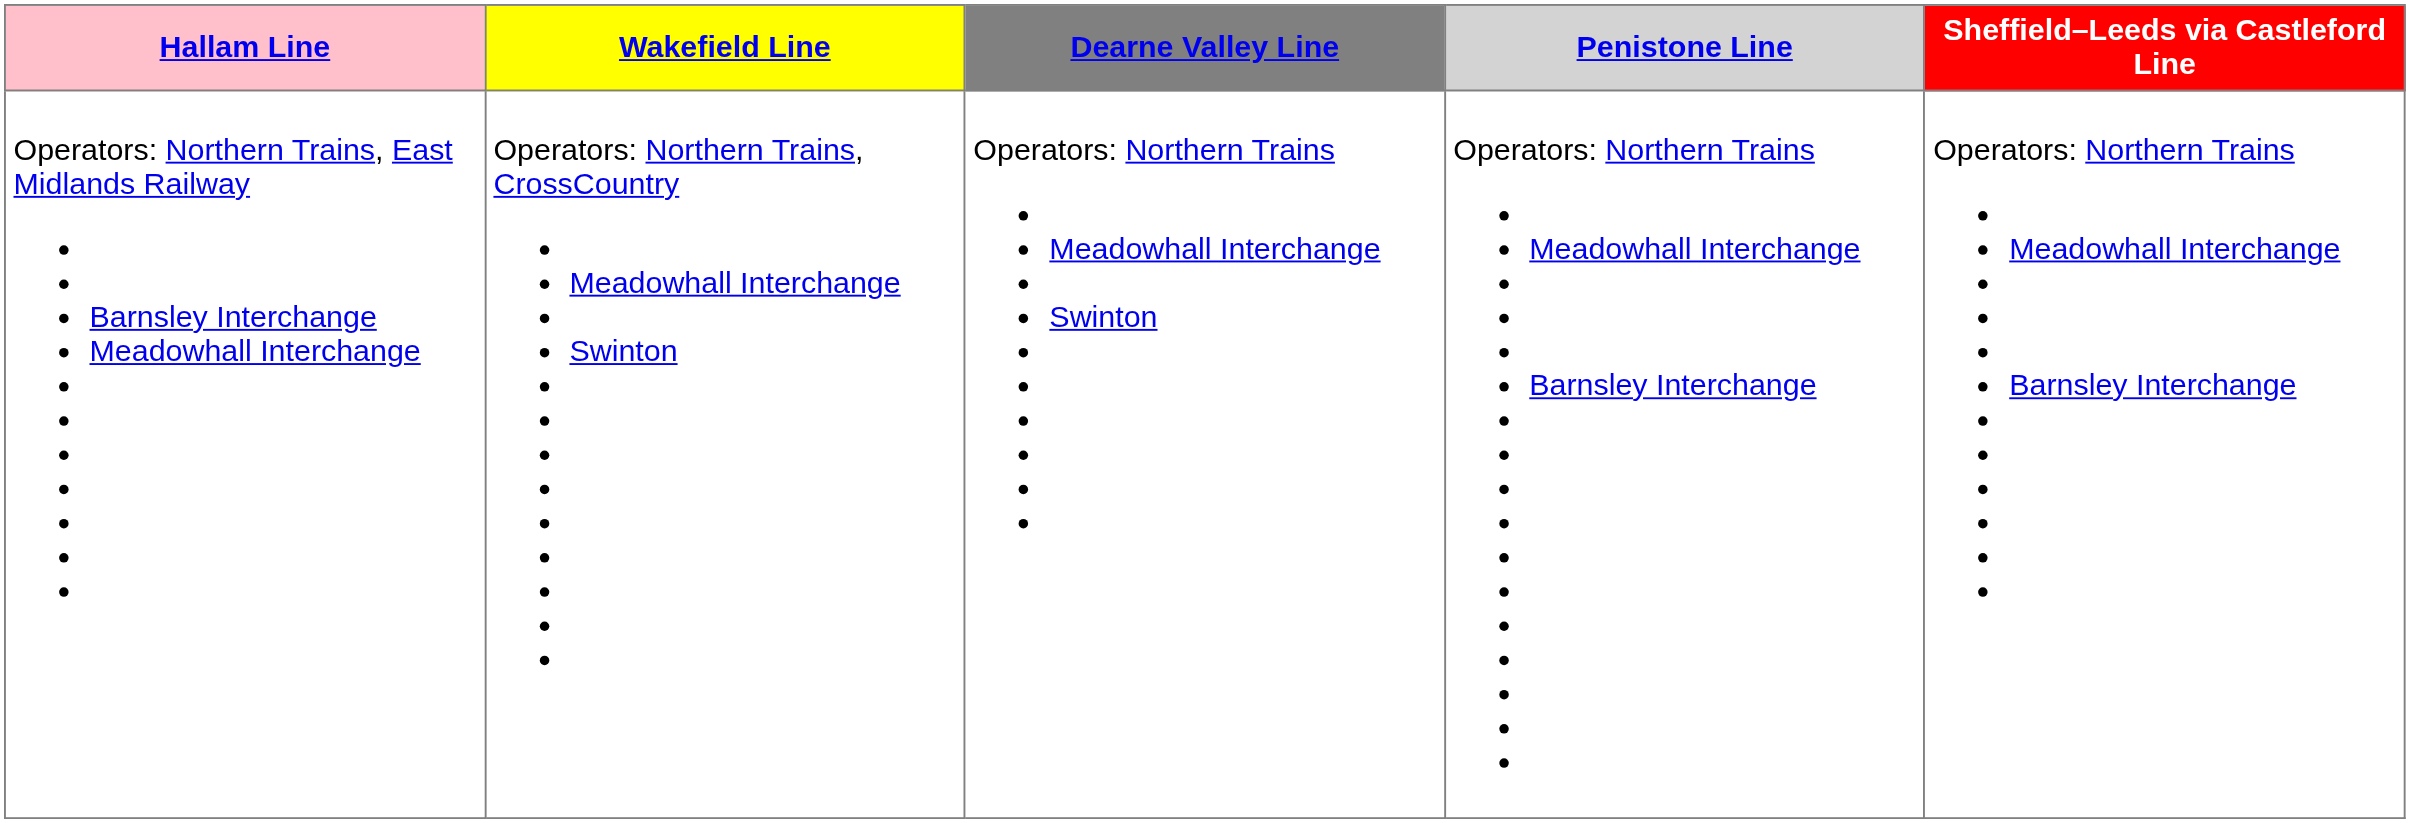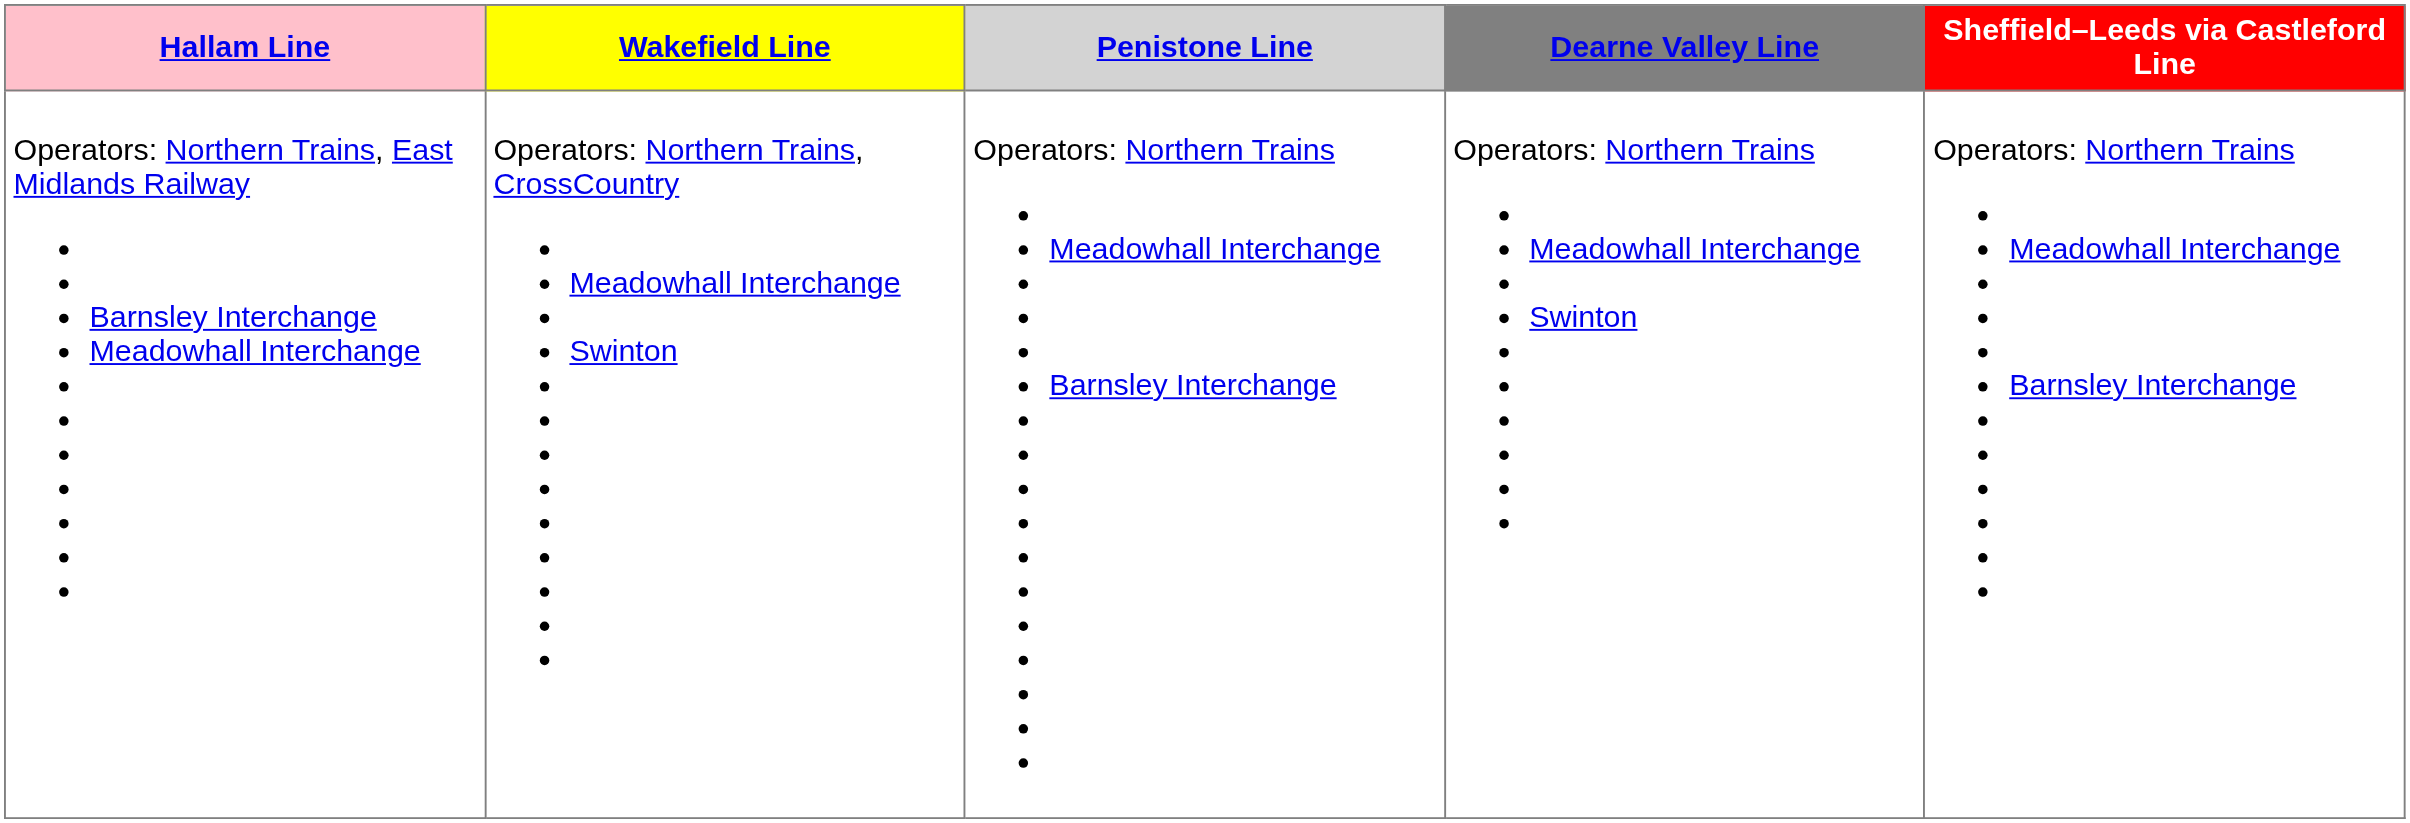 <table class="toccolours" style="border-collapse: collapse;" cellspacing="2" cellpadding="4" border="1">
 <tr>
 <th style="background: pink;" width="20%"><a href='#'>Hallam Line</a></th>
 <th style="background: yellow;" width="20%"><a href='#'>Wakefield Line</a></th>
+<th style="background: lightgrey; color: white;" width="20%"><a href='#'>Penistone Line</a></th>
 <th style="background: grey; color: white;" width="20%"><a href='#'>Dearne Valley Line</a></th>
-<th style="background: lightgrey; color: white;" width="20%"><a href='#'>Penistone Line</a></th>
 <th style="background: red; color: white;" width="20%">Sheffield–Leeds via Castleford Line</th>
 </tr>
 <tr>
 <td valign="top"><br>Operators: <a href='#'>Northern Trains</a>, <a href='#'>East Midlands Railway</a><ul><li><strong><em></em></strong></li><li><em></em></li><li><a href='#'>Barnsley Interchange</a> </li><li><a href='#'>Meadowhall Interchange</a>  </li><li>  </li><li><em></em></li><li><em></em></li><li><em></em></li><li><em></em></li><li><em></em></li><li><strong><em></em></strong> </li></ul></td>
 <td valign="top"><br>Operators: <a href='#'>Northern Trains</a>, <a href='#'>CrossCountry</a><ul><li><strong></strong>  </li><li><a href='#'>Meadowhall Interchange</a>  </li><li>  </li><li><a href='#'>Swinton</a></li><li></li><li></li><li></li><li><em></em> </li><li><em></em></li><li><em></em></li><li><em></em></li><li><em></em></li><li><strong><em></em></strong></li></ul></td>
+<td valign="top"><br>Operators: <a href='#'>Northern Trains</a><ul><li><strong></strong>  </li><li><a href='#'>Meadowhall Interchange</a>  </li><li></li><li></li><li></li><li><a href='#'>Barnsley Interchange</a> </li><li></li><li></li><li></li><li><em></em> </li><li><em></em></li><li><em></em></li><li><em></em></li><li><em></em></li><li><em></em></li><li><em></em></li><li><strong><em></em></strong></li></ul></td>
 <td valign="top"><br>Operators: <a href='#'>Northern Trains</a><ul><li><strong></strong>  </li><li><a href='#'>Meadowhall Interchange</a>  </li><li>  </li><li><a href='#'>Swinton</a></li><li><em></em> </li><li><em></em></li><li><em></em></li><li><em></em></li><li><em></em></li><li><strong><em></em></strong></li></ul></td>
-<td valign="top"><br>Operators: <a href='#'>Northern Trains</a><ul><li><strong></strong>  </li><li><a href='#'>Meadowhall Interchange</a>  </li><li></li><li></li><li></li><li><a href='#'>Barnsley Interchange</a> </li><li></li><li></li><li></li><li><em></em> </li><li><em></em></li><li><em></em></li><li><em></em></li><li><em></em></li><li><em></em></li><li><em></em></li><li><strong><em></em></strong></li></ul></td>
 <td valign="top"><br>Operators: <a href='#'>Northern Trains</a><ul><li><strong></strong>  </li><li><a href='#'>Meadowhall Interchange</a>  </li><li></li><li></li><li></li><li><a href='#'>Barnsley Interchange</a> </li><li></li><li><em></em></li><li><em></em></li><li><em></em></li><li><em></em></li><li><strong><em></em></strong></li></ul></td>
 </tr>
 </table>
